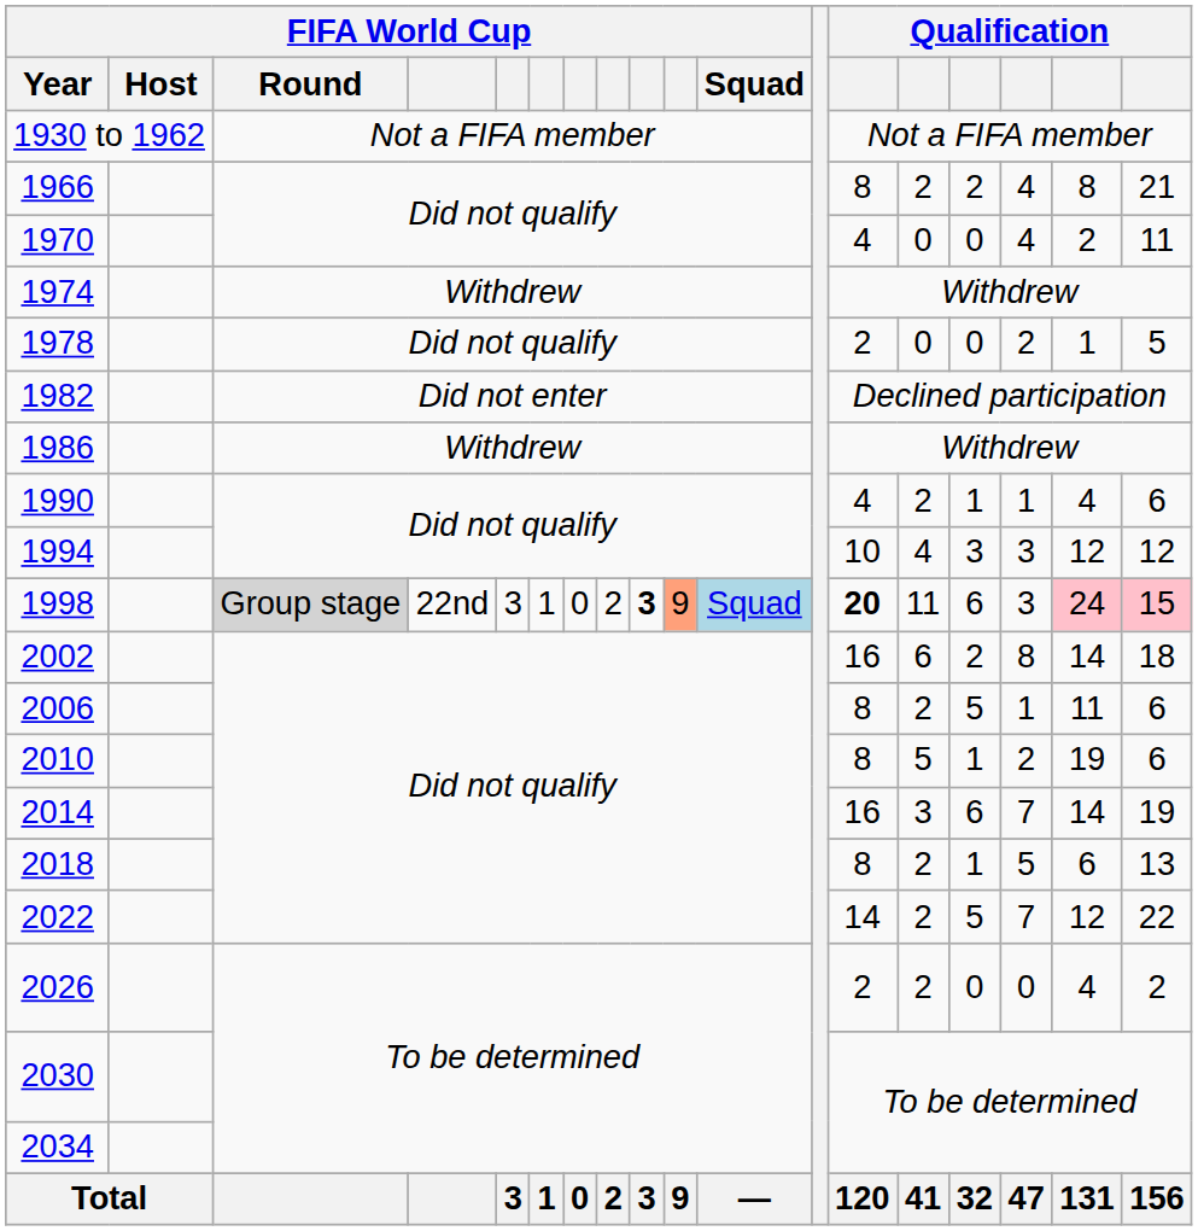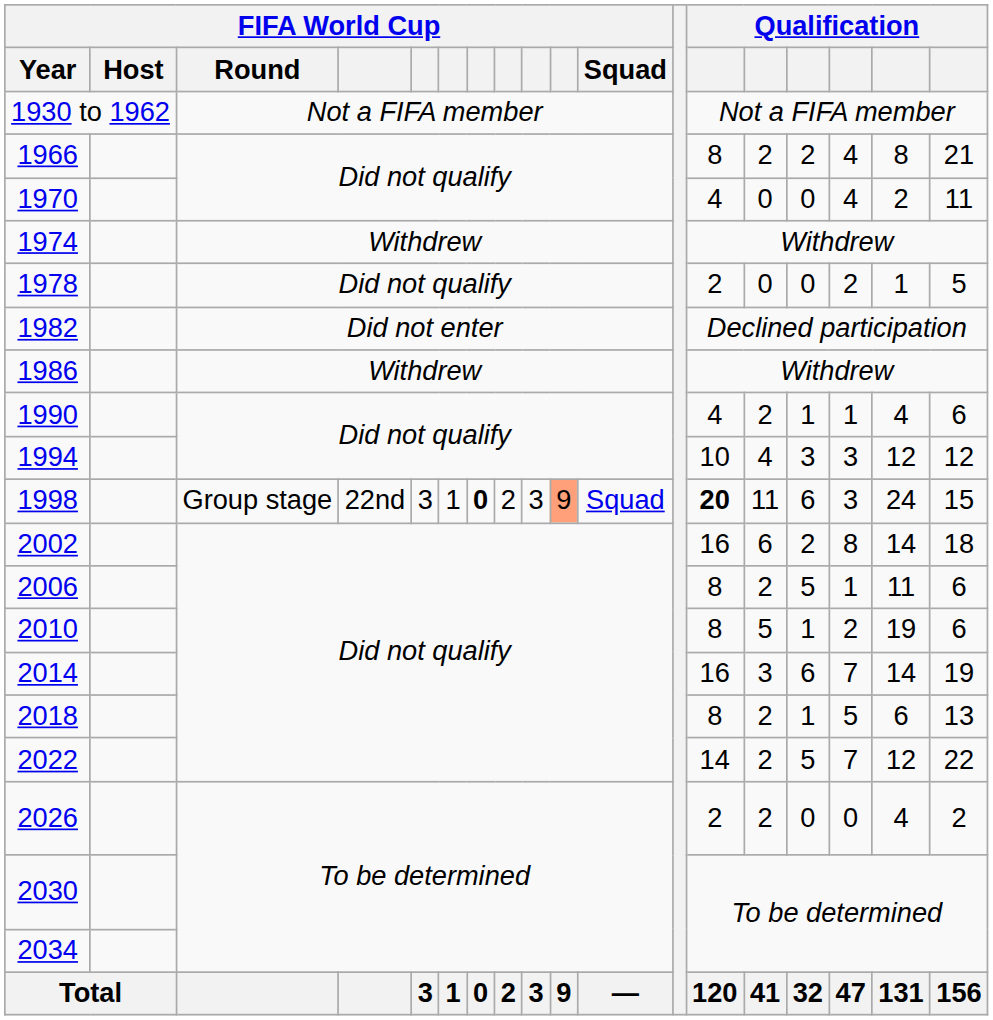 <table class="wikitable" style="text-align: center;font-size:100%;">
 <tr>
 <th colspan="11"><a href='#'>FIFA World Cup</a></th>
 <th rowspan="22"></th>
 <th colspan="7"><a href='#'>Qualification</a></th>
 </tr>
 <tr>
 <th>Year</th>
 <th>Host</th>
 <th>Round</th>
 <th></th>
 <th></th>
 <th></th>
 <th></th>
 <th></th>
 <th></th>
 <th></th>
 <th>Squad</th>
 <th></th>
 <th></th>
 <th></th>
 <th></th>
 <th></th>
 <th></th>
 </tr>
 <tr>
 <td colspan="2"><a href='#'>1930</a> to <a href='#'>1962</a></td>
 <td colspan=9><em>Not a FIFA member</em></td>
 <td colspan=7><em>Not a FIFA member</em></td>
 </tr>
 <tr>
 <td><a href='#'>1966</a></td>
 <td align=left></td>
 <td colspan=9 rowspan=2><em>Did not qualify</em></td>
 <td>8</td>
 <td>2</td>
 <td>2</td>
 <td>4</td>
 <td>8</td>
 <td>21</td>
 </tr>
 <tr>
 <td><a href='#'>1970</a></td>
 <td align=left></td>
 <td>4</td>
 <td>0</td>
 <td>0</td>
 <td>4</td>
 <td>2</td>
 <td>11</td>
 </tr>
 <tr>
 <td><a href='#'>1974</a></td>
 <td align=left></td>
 <td colspan=9><em>Withdrew</em></td>
 <td colspan=6><em>Withdrew</em></td>
 </tr>
 <tr>
 <td><a href='#'>1978</a></td>
 <td align=left></td>
 <td colspan=9><em>Did not qualify</em></td>
 <td>2</td>
 <td>0</td>
 <td>0</td>
 <td>2</td>
 <td>1</td>
 <td>5</td>
 </tr>
 <tr>
 <td><a href='#'>1982</a></td>
 <td align=left></td>
 <td colspan=9><em>Did not enter</em></td>
 <td colspan=6><em>Declined participation</em></td>
 </tr>
 <tr>
 <td><a href='#'>1986</a></td>
 <td align=left></td>
 <td colspan=9><em>Withdrew</em></td>
 <td colspan=6><em>Withdrew</em></td>
 </tr>
 <tr>
 <td><a href='#'>1990</a></td>
 <td align=left></td>
 <td colspan=9 rowspan=2><em>Did not qualify</em></td>
 <td>4</td>
 <td>2</td>
 <td>1</td>
 <td>1</td>
 <td>4</td>
 <td>6</td>
 </tr>
 <tr>
 <td><a href='#'>1994</a></td>
 <td align=left></td>
 <td>10</td>
 <td>4</td>
 <td>3</td>
 <td>3</td>
 <td>12</td>
 <td>12</td>
 </tr>
 <tr>
 <td><a href='#'>1998</a></td>
 <td align=left></td>
-<td style="background: lightgrey;">Group stage</td>
+<td>Group stage</td>
 <td>22nd</td>
 <td>3</td>
 <td>1</td>
-<td>0</td>
+<td><strong>0</strong></td>
 <td>2</td>
-<td><strong>3</strong></td>
+<td>3</td>
 <td style="background: lightsalmon;">9</td>
-<td style="background: lightblue;"><a href='#'>Squad</a></td>
+<td><a href='#'>Squad</a></td>
 <td><strong>20</strong></td>
 <td>11</td>
 <td>6</td>
 <td>3</td>
-<td style="background: pink;">24</td>
-<td style="background: pink;">15</td>
+<td>24</td>
+<td>15</td>
 </tr>
 <tr>
 <td><a href='#'>2002</a></td>
 <td align=left><br></td>
 <td colspan=9 rowspan=6><em>Did not qualify</em></td>
 <td>16</td>
 <td>6</td>
 <td>2</td>
 <td>8</td>
 <td>14</td>
 <td>18</td>
 </tr>
 <tr>
 <td><a href='#'>2006</a></td>
 <td align=left></td>
 <td>8</td>
 <td>2</td>
 <td>5</td>
 <td>1</td>
 <td>11</td>
 <td>6</td>
 </tr>
 <tr>
 <td><a href='#'>2010</a></td>
 <td align=left></td>
 <td>8</td>
 <td>5</td>
 <td>1</td>
 <td>2</td>
 <td>19</td>
 <td>6</td>
 </tr>
 <tr>
 <td><a href='#'>2014</a></td>
 <td align=left></td>
 <td>16</td>
 <td>3</td>
 <td>6</td>
 <td>7</td>
 <td>14</td>
 <td>19</td>
 </tr>
 <tr>
 <td><a href='#'>2018</a></td>
 <td align=left></td>
 <td>8</td>
 <td>2</td>
 <td>1</td>
 <td>5</td>
 <td>6</td>
 <td>13</td>
 </tr>
 <tr>
 <td><a href='#'>2022</a></td>
 <td align=left></td>
 <td>14</td>
 <td>2</td>
 <td>5</td>
 <td>7</td>
 <td>12</td>
 <td>22</td>
 </tr>
 <tr>
 <td><a href='#'>2026</a></td>
 <td align=left><br><br></td>
 <td colspan=9 rowspan=3><em>To be determined</em></td>
 <td>2</td>
 <td>2</td>
 <td>0</td>
 <td>0</td>
 <td>4</td>
 <td>2</td>
 </tr>
 <tr>
 <td><a href='#'>2030</a></td>
 <td align=left><br><br></td>
 <td colspan=6 rowspan=2><em>To be determined</em></td>
 </tr>
 <tr>
 <td><a href='#'>2034</a></td>
 <td align=left></td>
 </tr>
 <tr>
 <th colspan=2>Total</th>
 <th></th>
 <th></th>
 <th>3</th>
 <th>1</th>
 <th>0</th>
 <th>2</th>
 <th>3</th>
 <th>9</th>
 <th>—</th>
 <th>120</th>
 <th>41</th>
 <th>32</th>
 <th>47</th>
 <th>131</th>
 <th>156</th>
 </tr>
 </table>
